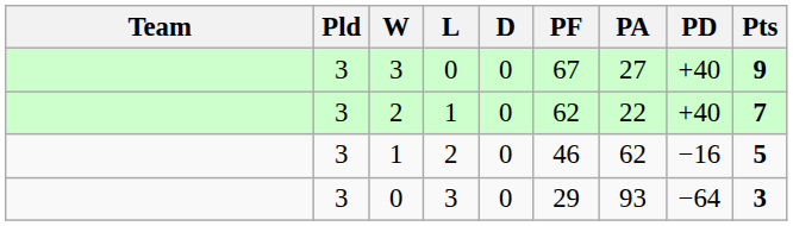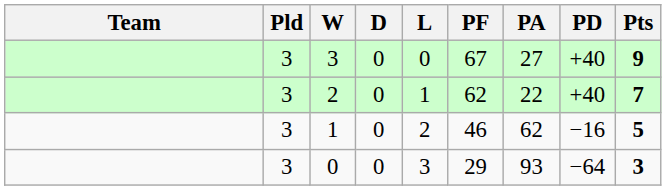 <table class="wikitable" style="text-align:center;">
 <tr>
 <th width=175>Team</th>
 <th width=25 abbr="Played">Pld</th>
 <th width=25 abbr="Won">W</th>
+<th width=25 abbr="Drawn">D</th>
 <th width=25 abbr="Lost">L</th>
-<th width=25 abbr="Drawn">D</th>
 <th width=32 abbr="Points for">PF</th>
 <th width=32 abbr="Points against">PA</th>
 <th width=32 abbr="Points difference">PD</th>
 <th width=25 abbr="Points">Pts</th>
 </tr>
 <tr bgcolor=ccffcc>
 <td align=left></td>
 <td>3</td>
 <td>3</td>
 <td>0</td>
 <td>0</td>
 <td>67</td>
 <td>27</td>
 <td>+40</td>
 <td><strong>9</strong></td>
 </tr>
 <tr bgcolor=ccffcc>
 <td align=left></td>
 <td>3</td>
 <td>2</td>
+<td>0</td>
 <td>1</td>
-<td>0</td>
 <td>62</td>
 <td>22</td>
 <td>+40</td>
 <td><strong>7</strong></td>
 </tr>
 <tr>
 <td align=left></td>
 <td>3</td>
 <td>1</td>
+<td>0</td>
 <td>2</td>
-<td>0</td>
 <td>46</td>
 <td>62</td>
 <td>−16</td>
 <td><strong>5</strong></td>
 </tr>
 <tr>
 <td align=left></td>
 <td>3</td>
 <td>0</td>
+<td>0</td>
 <td>3</td>
-<td>0</td>
 <td>29</td>
 <td>93</td>
 <td>−64</td>
 <td><strong>3</strong></td>
 </tr>
 </table>
